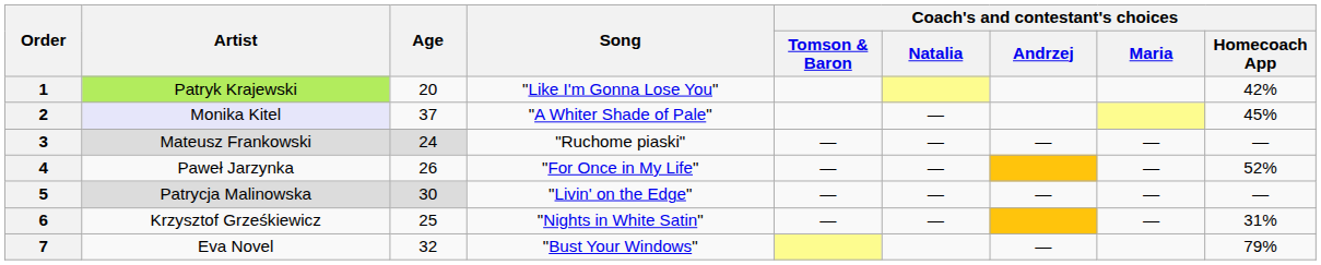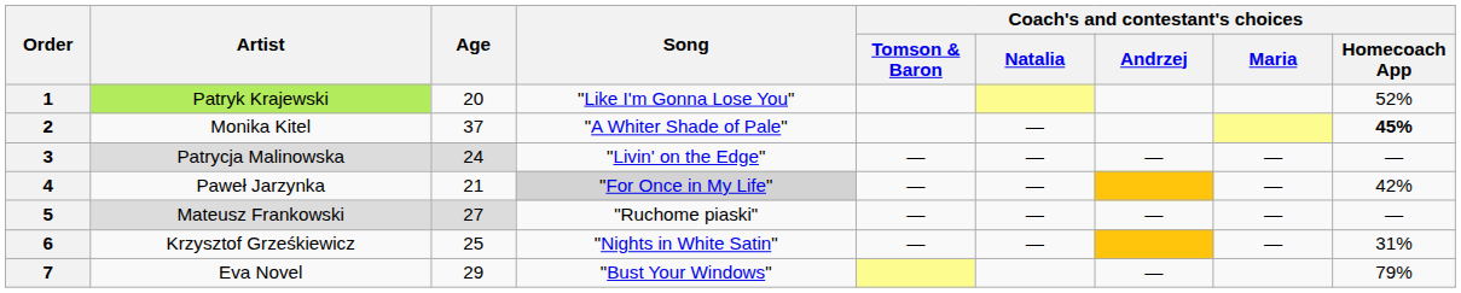 <table class="wikitable" style="text-align:center; width:100%;">
 <tr>
 <th scope="col" rowspan="2" style="width:05%;">Order</th>
 <th scope="col" rowspan="2" style="width:20%;">Artist</th>
 <th scope="col" rowspan="2" style="width:05%;">Age</th>
 <th scope="col" rowspan="2" style="width:20%;">Song</th>
 <th scope="col" colspan="5" style="width:32%;">Coach's and contestant's choices</th>
 </tr>
 <tr>
 <th style="width:07%;"><a href='#'>Tomson & Baron</a></th>
 <th style="width:07%;"><a href='#'>Natalia</a></th>
 <th style="width:07%;"><a href='#'>Andrzej</a></th>
 <th style="width:07%;"><a href='#'>Maria</a></th>
 <th style="width:04%;">Homecoach App</th>
 </tr>
 <tr>
 <th>1</th>
 <td style="background-color:#B2EC5D;">Patryk Krajewski</td>
 <td>20</td>
 <td>"<a href='#'>Like I'm Gonna Lose You</a>"</td>
 <td><strong></strong></td>
 <td style="background:#fdfc8f;"><strong></strong></td>
 <td><strong></strong></td>
 <td><strong></strong></td>
-<td>42%</td>
+<td>52%</td>
 </tr>
 <tr>
 <th>2</th>
-<td style="background: lavender;">Monika Kitel</td>
+<td>Monika Kitel</td>
 <td>37</td>
 <td>"<a href='#'>A Whiter Shade of Pale</a>"</td>
 <td><strong></strong></td>
 <td>—</td>
 <td><strong></strong></td>
 <td style="background:#fdfc8f;"><strong></strong></td>
-<td>45%</td>
+<td><strong>45%</strong></td>
 </tr>
 <tr>
 <th>3</th>
-<td style="background:#DCDCDC;">Mateusz Frankowski</td>
+<td style="background:#DCDCDC;">Patrycja Malinowska</td>
 <td style="background:#DCDCDC;">24</td>
-<td>"Ruchome piaski"</td>
+<td>"<a href='#'>Livin' on the Edge</a>"</td>
 <td>—</td>
 <td>—</td>
 <td>—</td>
 <td>—</td>
 <td>—</td>
 </tr>
 <tr>
 <th>4</th>
 <td>Paweł Jarzynka</td>
-<td>26</td>
-<td>"<a href='#'>For Once in My Life</a>"</td>
+<td>21</td>
+<td style="background: lightgrey;">"<a href='#'>For Once in My Life</a>"</td>
 <td>—</td>
 <td>—</td>
 <td style="background:#FFC40C;"><strong></strong></td>
 <td>—</td>
-<td>52%</td>
+<td>42%</td>
 </tr>
 <tr>
 <th>5</th>
-<td style="background:#DCDCDC;">Patrycja Malinowska</td>
-<td style="background:#DCDCDC;">30</td>
-<td>"<a href='#'>Livin' on the Edge</a>"</td>
+<td style="background:#DCDCDC;">Mateusz Frankowski</td>
+<td style="background:#DCDCDC;">27</td>
+<td>"Ruchome piaski"</td>
 <td>—</td>
 <td>—</td>
 <td>—</td>
 <td>—</td>
 <td>—</td>
 </tr>
 <tr>
 <th>6</th>
 <td>Krzysztof Grześkiewicz</td>
 <td>25</td>
 <td>"<a href='#'>Nights in White Satin</a>"</td>
 <td>—</td>
 <td>—</td>
 <td style="background:#FFC40C;"><strong></strong></td>
 <td>—</td>
 <td>31%</td>
 </tr>
 <tr>
 <th>7</th>
 <td>Eva Novel</td>
-<td>32</td>
+<td>29</td>
 <td>"<a href='#'>Bust Your Windows</a>"</td>
 <td style="background:#fdfc8f;"><strong></strong></td>
 <td><strong></strong></td>
 <td>—</td>
 <td><strong></strong></td>
 <td>79%</td>
 </tr>
 </table>
